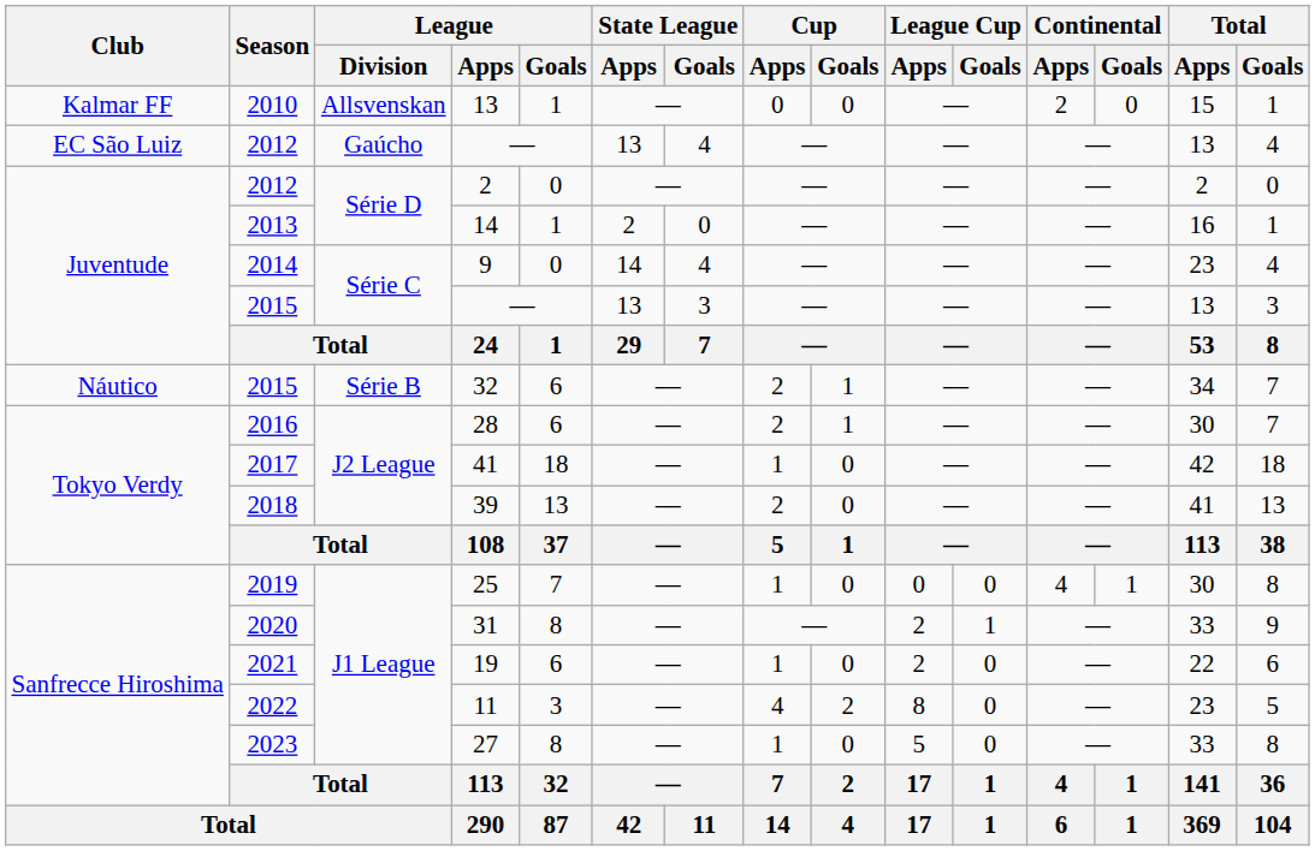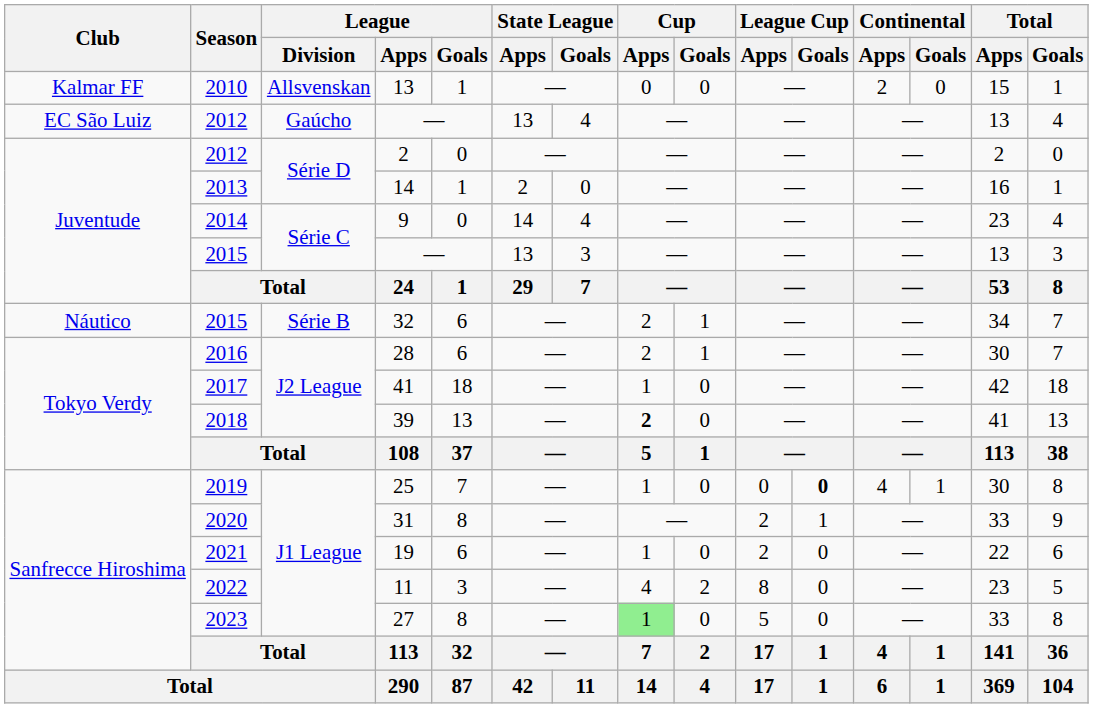 <table class="wikitable" style="text-align:center;">
 <tr>
 <th rowspan=2>Club</th>
 <th rowspan=2>Season</th>
 <th colspan=3>League</th>
 <th colspan=2>State League</th>
 <th colspan=2>Cup</th>
 <th colspan=2>League Cup</th>
 <th colspan=2>Continental</th>
 <th colspan=2>Total</th>
 </tr>
 <tr>
 <th>Division</th>
 <th>Apps</th>
 <th>Goals</th>
 <th>Apps</th>
 <th>Goals</th>
 <th>Apps</th>
 <th>Goals</th>
 <th>Apps</th>
 <th>Goals</th>
 <th>Apps</th>
 <th>Goals</th>
 <th>Apps</th>
 <th>Goals</th>
 </tr>
 <tr>
 <td><a href='#'>Kalmar FF</a></td>
 <td><a href='#'>2010</a></td>
 <td><a href='#'>Allsvenskan</a></td>
 <td>13</td>
 <td>1</td>
 <td colspan="2">—</td>
 <td>0</td>
 <td>0</td>
 <td colspan="2">—</td>
 <td>2</td>
 <td>0</td>
 <td>15</td>
 <td>1</td>
 </tr>
 <tr>
 <td><a href='#'>EC São Luiz</a></td>
 <td><a href='#'>2012</a></td>
 <td><a href='#'>Gaúcho</a></td>
 <td colspan="2">—</td>
 <td>13</td>
 <td>4</td>
 <td colspan="2">—</td>
 <td colspan="2">—</td>
 <td colspan="2">—</td>
 <td>13</td>
 <td>4</td>
 </tr>
 <tr>
 <td rowspan="5"><a href='#'>Juventude</a></td>
 <td><a href='#'>2012</a></td>
 <td rowspan="2"><a href='#'>Série D</a></td>
 <td>2</td>
 <td>0</td>
 <td colspan="2">—</td>
 <td colspan="2">—</td>
 <td colspan="2">—</td>
 <td colspan="2">—</td>
 <td>2</td>
 <td>0</td>
 </tr>
 <tr>
 <td><a href='#'>2013</a></td>
 <td>14</td>
 <td>1</td>
 <td>2</td>
 <td>0</td>
 <td colspan="2">—</td>
 <td colspan="2">—</td>
 <td colspan="2">—</td>
 <td>16</td>
 <td>1</td>
 </tr>
 <tr>
 <td><a href='#'>2014</a></td>
 <td rowspan="2"><a href='#'>Série C</a></td>
 <td>9</td>
 <td>0</td>
 <td>14</td>
 <td>4</td>
 <td colspan="2">—</td>
 <td colspan="2">—</td>
 <td colspan="2">—</td>
 <td>23</td>
 <td>4</td>
 </tr>
 <tr>
 <td><a href='#'>2015</a></td>
 <td colspan="2">—</td>
 <td>13</td>
 <td>3</td>
 <td colspan="2">—</td>
 <td colspan="2">—</td>
 <td colspan="2">—</td>
 <td>13</td>
 <td>3</td>
 </tr>
 <tr>
 <th colspan=2>Total</th>
 <th>24</th>
 <th>1</th>
 <th>29</th>
 <th>7</th>
 <th colspan="2">—</th>
 <th colspan="2">—</th>
 <th colspan="2">—</th>
 <th>53</th>
 <th>8</th>
 </tr>
 <tr>
 <td><a href='#'>Náutico</a></td>
 <td><a href='#'>2015</a></td>
 <td><a href='#'>Série B</a></td>
 <td>32</td>
 <td>6</td>
 <td colspan="2">—</td>
 <td>2</td>
 <td>1</td>
 <td colspan="2">—</td>
 <td colspan="2">—</td>
 <td>34</td>
 <td>7</td>
 </tr>
 <tr>
 <td rowspan="4"><a href='#'>Tokyo Verdy</a></td>
 <td><a href='#'>2016</a></td>
 <td rowspan="3"><a href='#'>J2 League</a></td>
 <td>28</td>
 <td>6</td>
 <td colspan="2">—</td>
 <td>2</td>
 <td>1</td>
 <td colspan="2">—</td>
 <td colspan="2">—</td>
 <td>30</td>
 <td>7</td>
 </tr>
 <tr>
 <td><a href='#'>2017</a></td>
 <td>41</td>
 <td>18</td>
 <td colspan="2">—</td>
 <td>1</td>
 <td>0</td>
 <td colspan="2">—</td>
 <td colspan="2">—</td>
 <td>42</td>
 <td>18</td>
 </tr>
 <tr>
 <td><a href='#'>2018</a></td>
 <td>39</td>
 <td>13</td>
 <td colspan="2">—</td>
-<td>2</td>
+<td><strong>2</strong></td>
 <td>0</td>
 <td colspan="2">—</td>
 <td colspan="2">—</td>
 <td>41</td>
 <td>13</td>
 </tr>
 <tr>
 <th colspan=2>Total</th>
 <th>108</th>
 <th>37</th>
 <th colspan="2">—</th>
 <th>5</th>
 <th>1</th>
 <th colspan="2">—</th>
 <th colspan="2">—</th>
 <th>113</th>
 <th>38</th>
 </tr>
 <tr>
 <td rowspan="6"><a href='#'>Sanfrecce Hiroshima</a></td>
 <td><a href='#'>2019</a></td>
 <td rowspan="5"><a href='#'>J1 League</a></td>
 <td>25</td>
 <td>7</td>
 <td colspan="2">—</td>
 <td>1</td>
 <td>0</td>
 <td>0</td>
-<td>0</td>
+<td><strong>0</strong></td>
 <td>4</td>
 <td>1</td>
 <td>30</td>
 <td>8</td>
 </tr>
 <tr>
 <td><a href='#'>2020</a></td>
 <td>31</td>
 <td>8</td>
 <td colspan="2">—</td>
 <td colspan="2">—</td>
 <td>2</td>
 <td>1</td>
 <td colspan="2">—</td>
 <td>33</td>
 <td>9</td>
 </tr>
 <tr>
 <td><a href='#'>2021</a></td>
 <td>19</td>
 <td>6</td>
 <td colspan="2">—</td>
 <td>1</td>
 <td>0</td>
 <td>2</td>
 <td>0</td>
 <td colspan="2">—</td>
 <td>22</td>
 <td>6</td>
 </tr>
 <tr>
 <td><a href='#'>2022</a></td>
 <td>11</td>
 <td>3</td>
 <td colspan="2">—</td>
 <td>4</td>
 <td>2</td>
 <td>8</td>
 <td>0</td>
 <td colspan="2">—</td>
 <td>23</td>
 <td>5</td>
 </tr>
 <tr>
 <td><a href='#'>2023</a></td>
 <td>27</td>
 <td>8</td>
 <td colspan="2">—</td>
-<td>1</td>
+<td style="background: lightgreen;">1</td>
 <td>0</td>
 <td>5</td>
 <td>0</td>
 <td colspan="2">—</td>
 <td>33</td>
 <td>8</td>
 </tr>
 <tr>
 <th colspan=2>Total</th>
 <th>113</th>
 <th>32</th>
 <th colspan="2">—</th>
 <th>7</th>
 <th>2</th>
 <th>17</th>
 <th>1</th>
 <th>4</th>
 <th>1</th>
 <th>141</th>
 <th>36</th>
 </tr>
 <tr>
 <th colspan=3>Total</th>
 <th>290</th>
 <th>87</th>
 <th>42</th>
 <th>11</th>
 <th>14</th>
 <th>4</th>
 <th>17</th>
 <th>1</th>
 <th>6</th>
 <th>1</th>
 <th>369</th>
 <th>104</th>
 </tr>
 </table>
